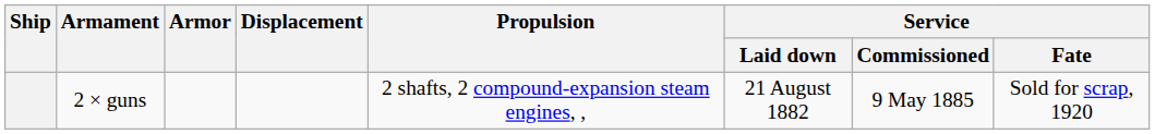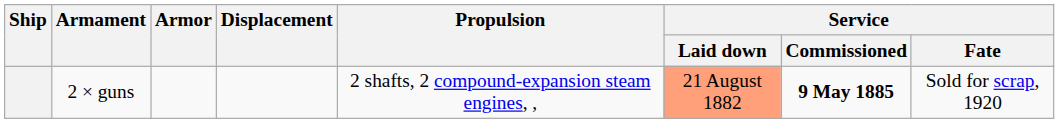 <table class="wikitable plainrowheaders" style="text-align: center;">
 <tr valign="top">
 <th scope="col" rowspan="2">Ship</th>
 <th scope="col" rowspan="2">Armament</th>
 <th scope="col" rowspan="2">Armor</th>
 <th scope="col" rowspan="2">Displacement</th>
 <th scope="col" rowspan="2">Propulsion</th>
 <th scope="col" colspan="3">Service</th>
 </tr>
 <tr valign="top">
 <th scope="col">Laid down</th>
 <th scope="col">Commissioned</th>
 <th scope="col">Fate</th>
 </tr>
 <tr valign="center">
 <th scope="row"></th>
 <td>2 ×  guns</td>
 <td></td>
 <td></td>
 <td>2 shafts, 2 <a href='#'>compound-expansion steam engines</a>, , </td>
-<td>21 August 1882</td>
-<td>9 May 1885</td>
+<td style="background: lightsalmon;">21 August 1882</td>
+<td><strong>9 May 1885</strong></td>
 <td>Sold for <a href='#'>scrap</a>, 1920</td>
 </tr>
 </table>
